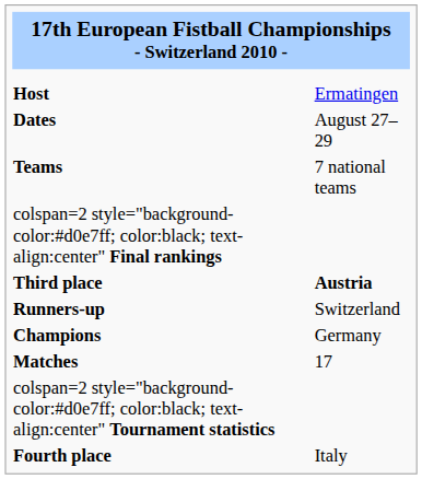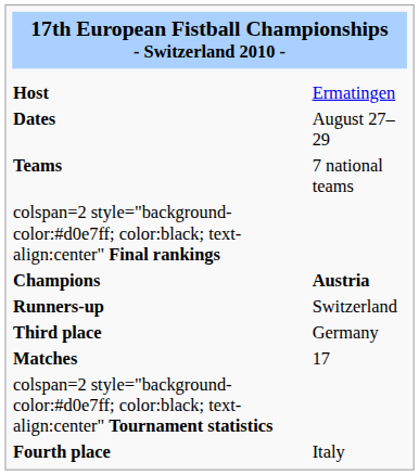 <table class="infobox" style="font-size: 90%; width: 23em;">
 <tr>
 <td colspan="2" style="background-color:#AAD0FF; color:black; text-align:center; padding:0.3em"><big><strong>17th European Fistball Championships</strong></big> <br><strong>- Switzerland 2010 -</strong></td>
 </tr>
 <tr>
 <td colspan="2" style="text-align: center;"></td>
 </tr>
 <tr style="vertical-align:top;">
 <th colspan=2></th>
 </tr>
 <tr style="vertical-align:top;">
 <td><strong>Host</strong></td>
 <td><a href='#'>Ermatingen</a> </td>
 </tr>
 <tr style="vertical-align:top;">
 <td><strong>Dates</strong></td>
 <td>August 27–29</td>
 </tr>
 <tr style="vertical-align:top;">
 <td><strong>Teams</strong></td>
 <td>7 national teams</td>
 </tr>
 <tr>
 <td>colspan=2 style="background-color:#d0e7ff; color:black; text-align:center" <strong>Final rankings</strong></td>
 </tr>
 <tr style="vertical-align:top;">
-<td><strong>Third place</strong> </td>
+<td><strong>Champions</strong> </td>
 <td> <strong>Austria</strong>   </td>
 </tr>
 <tr>
 <td><strong>Runners-up</strong> </td>
 <td> Switzerland</td>
 </tr>
 <tr>
-<td><strong>Champions</strong> </td>
+<td><strong>Third place</strong> </td>
 <td> Germany</td>
 </tr>
 <tr>
 <td><strong>Matches</strong></td>
 <td>17</td>
 </tr>
 <tr>
 <td>colspan=2 style="background-color:#d0e7ff; color:black; text-align:center" <strong>Tournament statistics</strong></td>
 </tr>
 <tr>
 <td><strong>Fourth place</strong></td>
 <td> Italy</td>
 </tr>
 </table>
